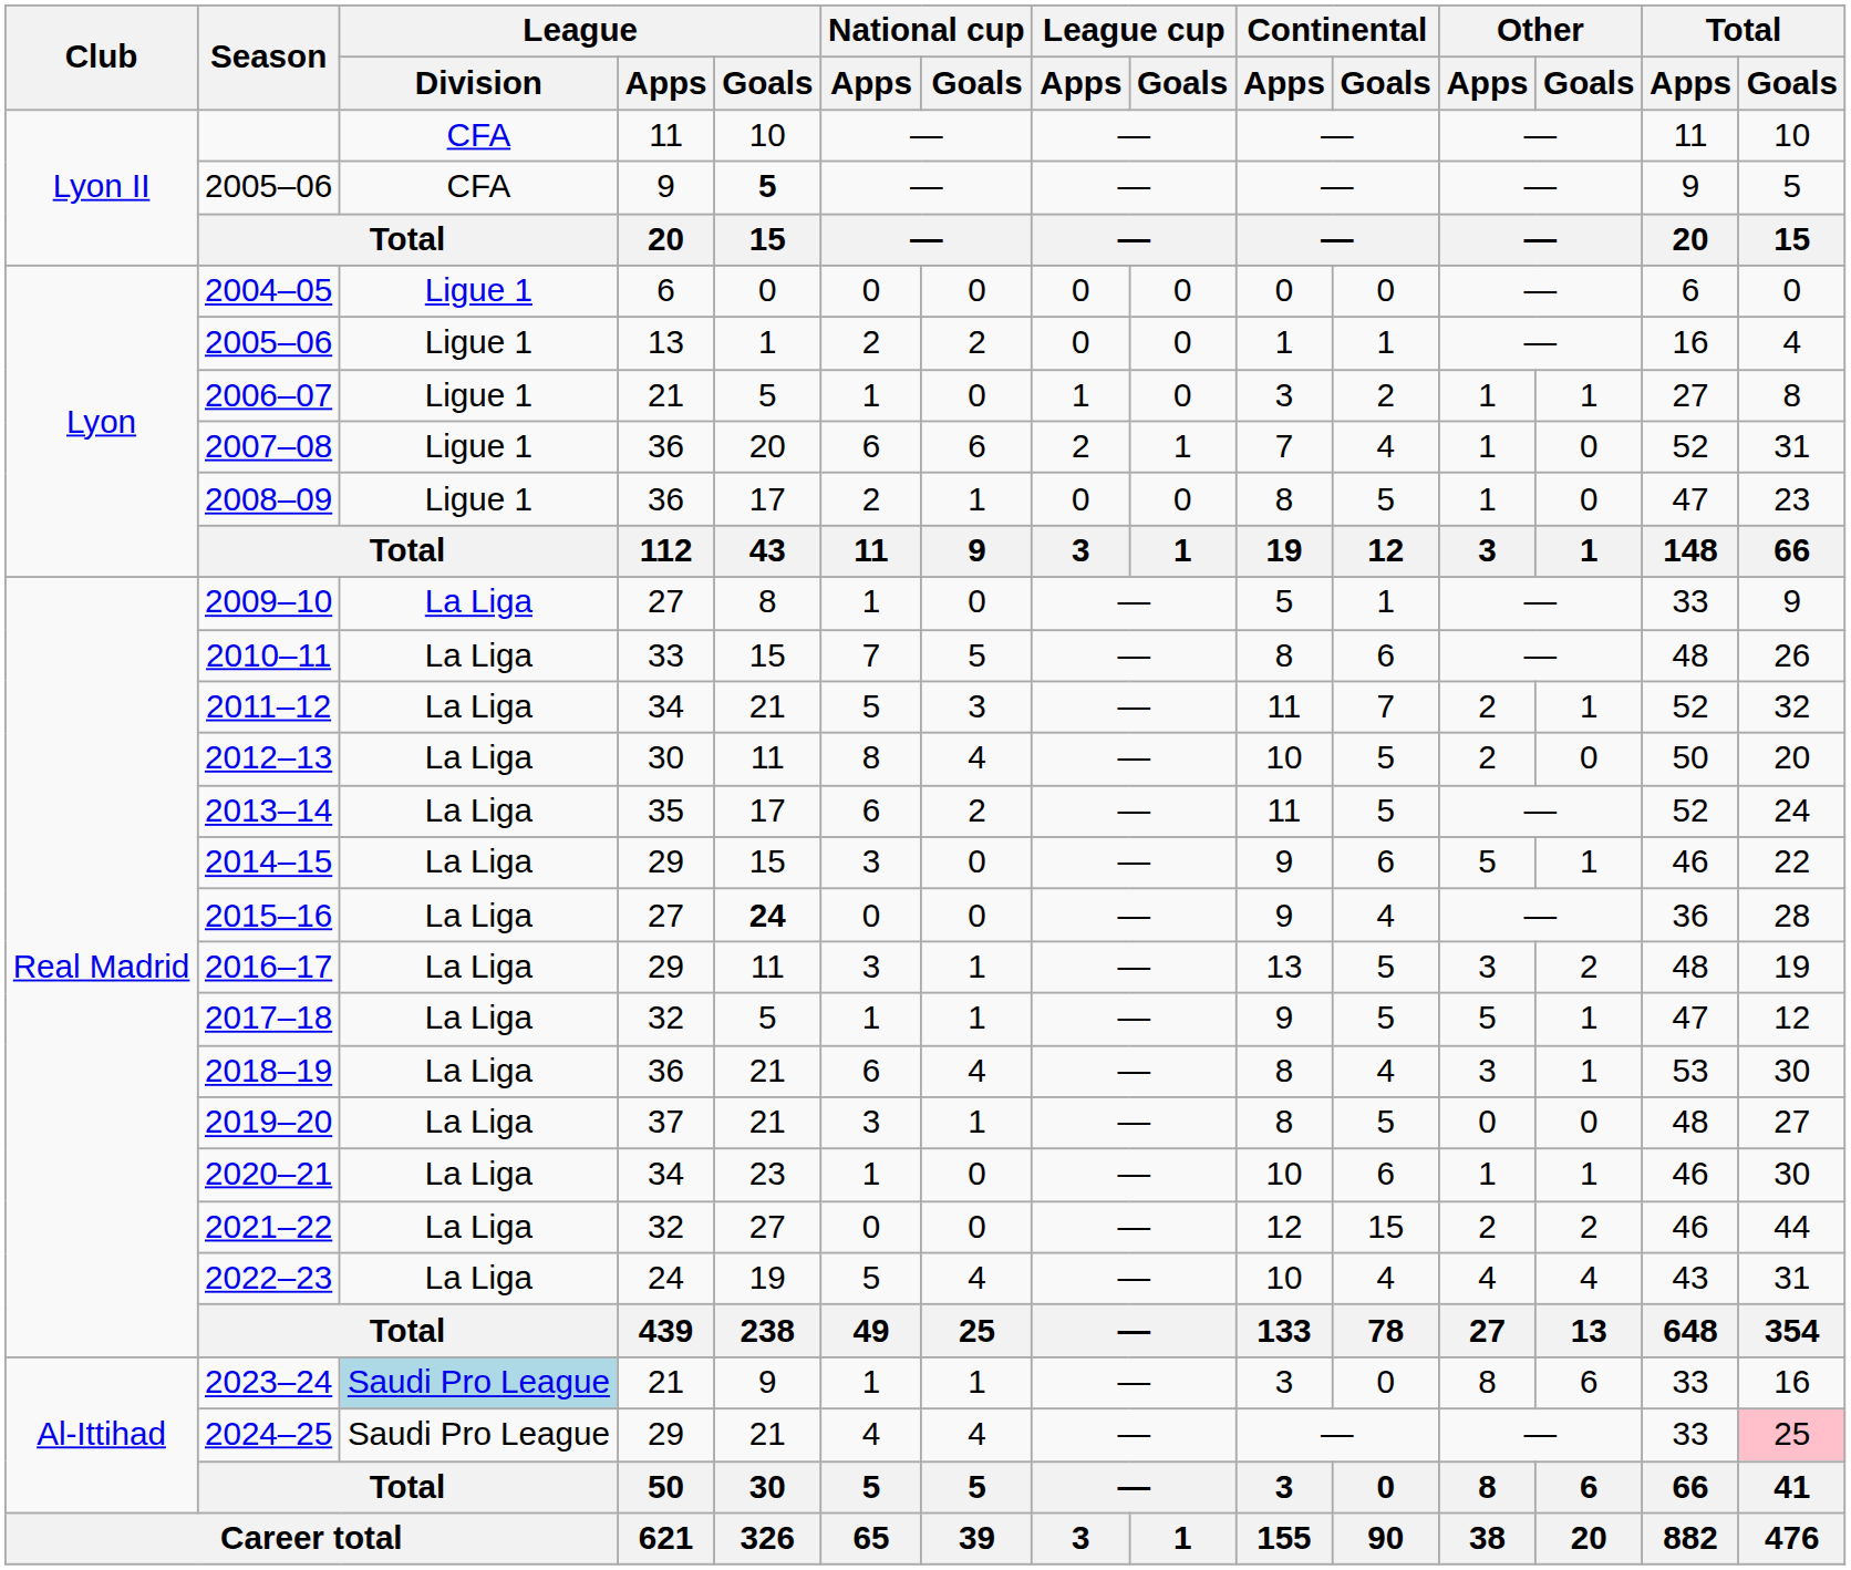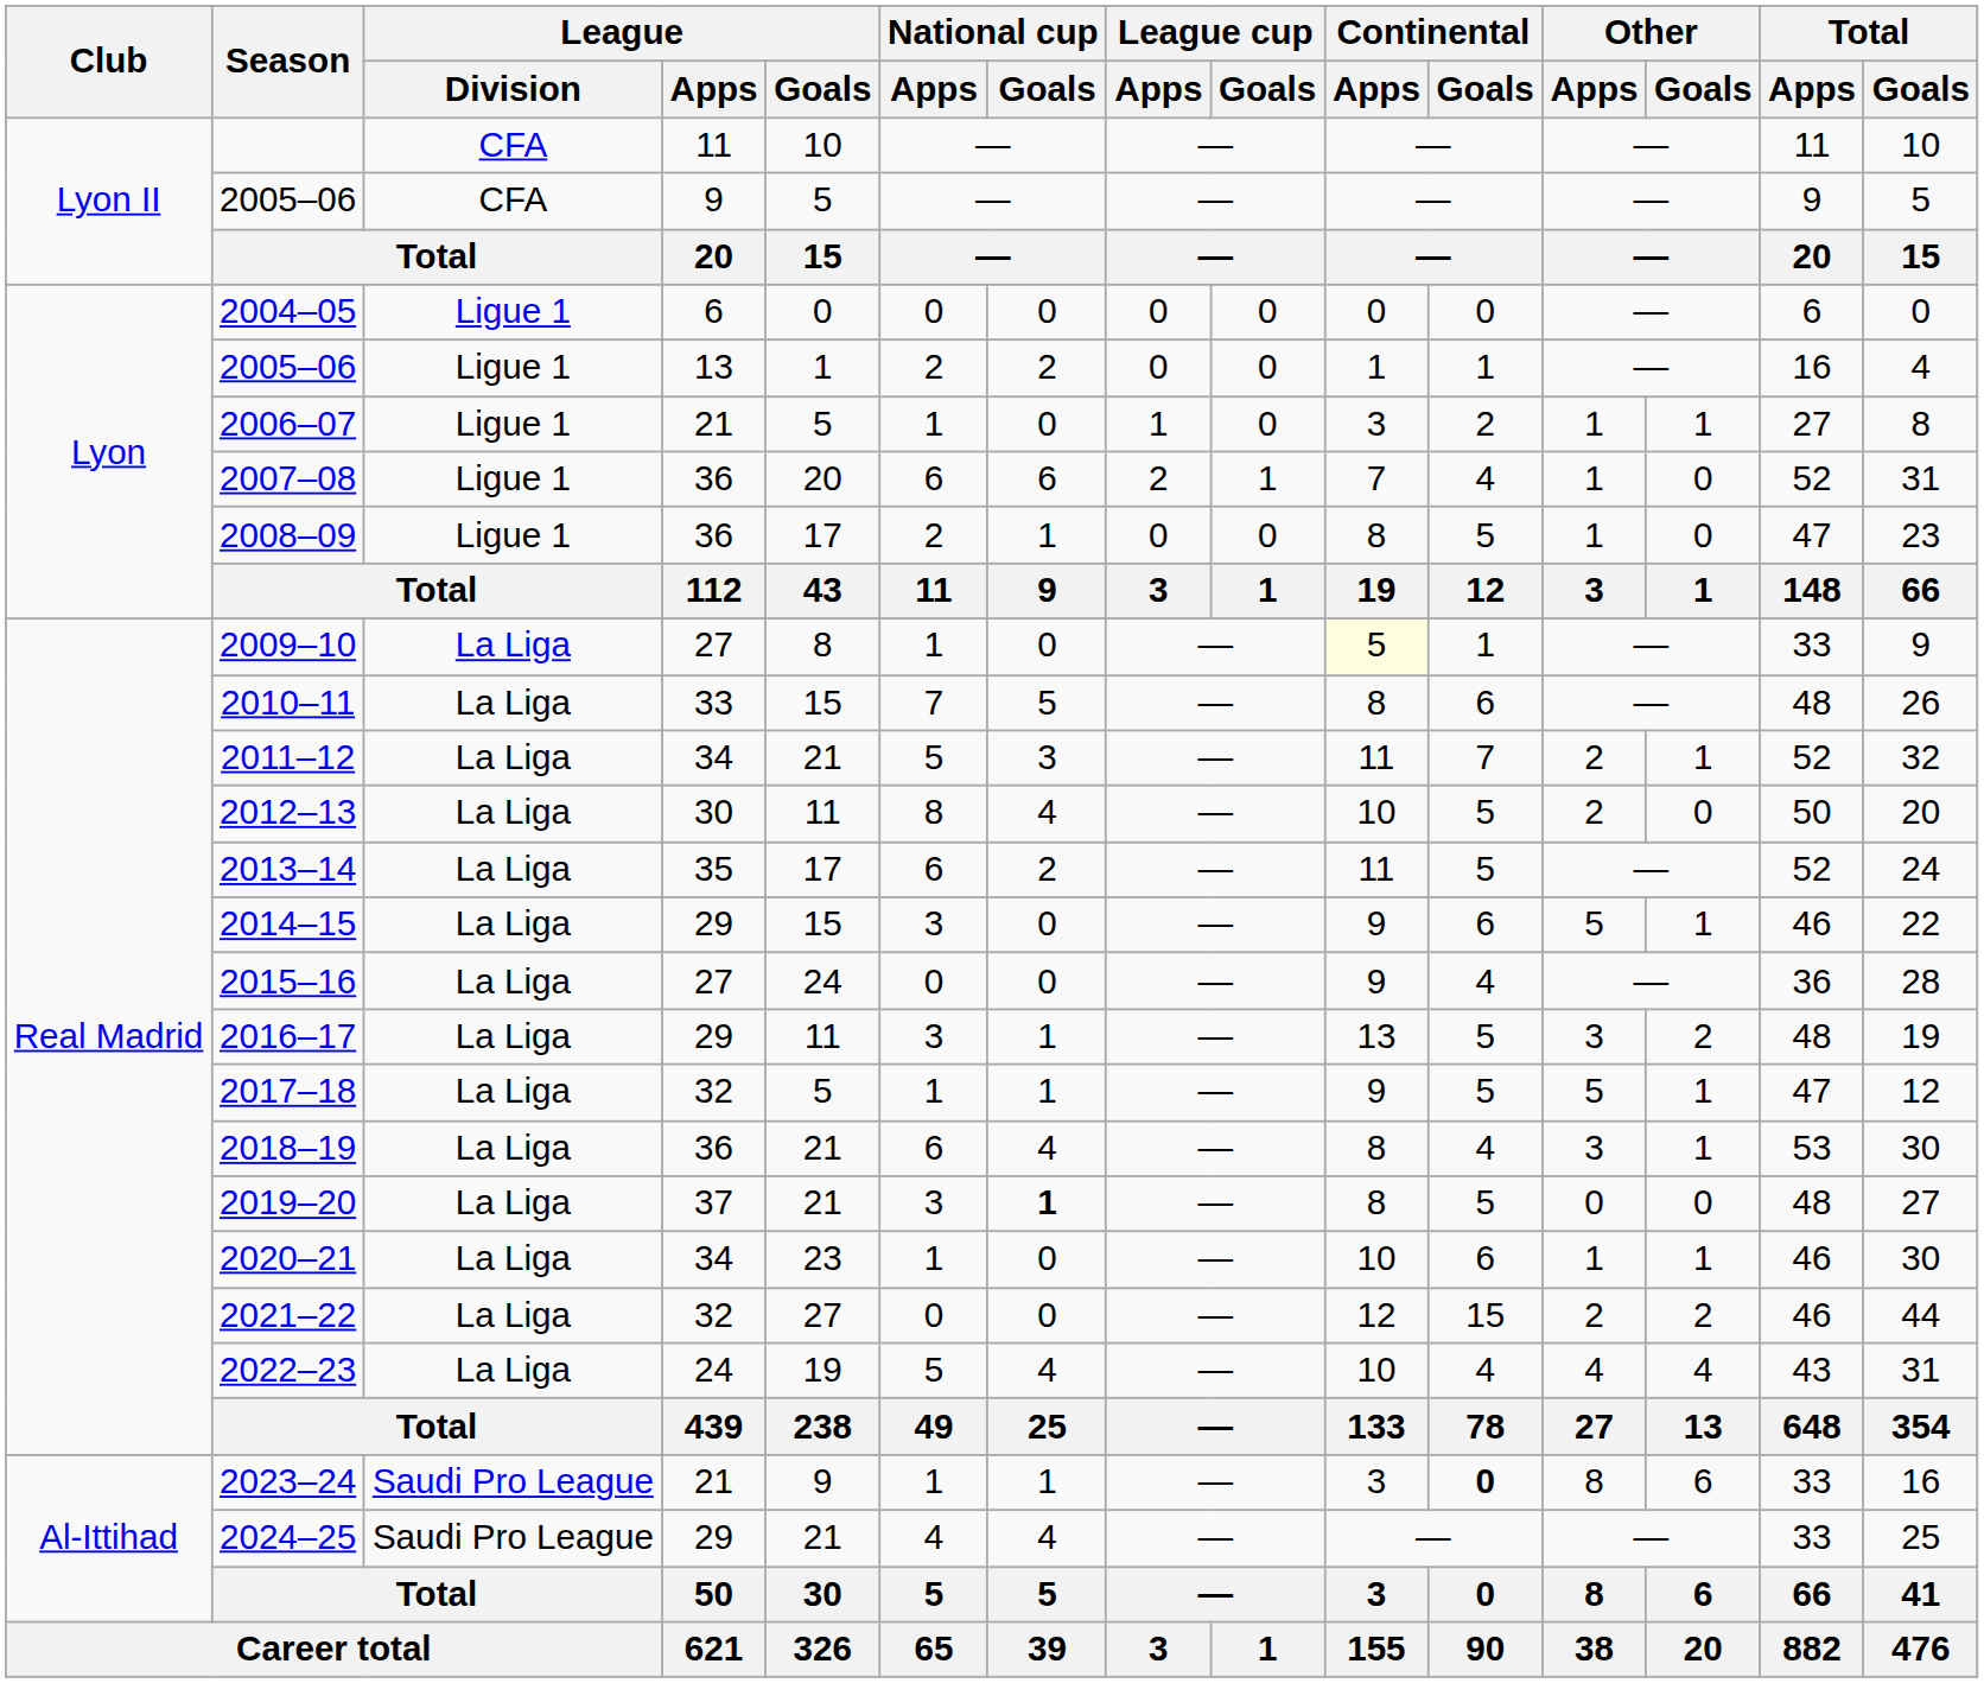 <table class="wikitable" style="text-align: center;">
 <tr>
 <th rowspan="2">Club</th>
 <th rowspan="2">Season</th>
 <th colspan="3">League</th>
 <th colspan="2">National cup</th>
 <th colspan="2">League cup</th>
 <th colspan="2">Continental</th>
 <th colspan="2">Other</th>
 <th colspan="2">Total</th>
 </tr>
 <tr>
 <th>Division</th>
 <th>Apps</th>
 <th>Goals</th>
 <th>Apps</th>
 <th>Goals</th>
 <th>Apps</th>
 <th>Goals</th>
 <th>Apps</th>
 <th>Goals</th>
 <th>Apps</th>
 <th>Goals</th>
 <th>Apps</th>
 <th>Goals</th>
 </tr>
 <tr>
 <td rowspan="3"><a href='#'>Lyon II</a></td>
 <td></td>
 <td><a href='#'>CFA</a></td>
 <td>11</td>
 <td>10</td>
 <td colspan="2">—</td>
 <td colspan="2">—</td>
 <td colspan="2">—</td>
 <td colspan="2">—</td>
 <td>11</td>
 <td>10</td>
 </tr>
 <tr>
 <td>2005–06</td>
 <td>CFA</td>
 <td>9</td>
-<td><strong>5</strong></td>
+<td>5</td>
 <td colspan="2">—</td>
 <td colspan="2">—</td>
 <td colspan="2">—</td>
 <td colspan="2">—</td>
 <td>9</td>
 <td>5</td>
 </tr>
 <tr>
 <th colspan="2">Total</th>
 <th>20</th>
 <th>15</th>
 <th colspan="2">—</th>
 <th colspan="2">—</th>
 <th colspan="2">—</th>
 <th colspan="2">—</th>
 <th>20</th>
 <th>15</th>
 </tr>
 <tr>
 <td rowspan="6"><a href='#'>Lyon</a></td>
 <td><a href='#'>2004–05</a></td>
 <td><a href='#'>Ligue 1</a></td>
 <td>6</td>
 <td>0</td>
 <td>0</td>
 <td>0</td>
 <td>0</td>
 <td>0</td>
 <td>0</td>
 <td>0</td>
 <td colspan="2">—</td>
 <td>6</td>
 <td>0</td>
 </tr>
 <tr>
 <td><a href='#'>2005–06</a></td>
 <td>Ligue 1</td>
 <td>13</td>
 <td>1</td>
 <td>2</td>
 <td>2</td>
 <td>0</td>
 <td>0</td>
 <td>1</td>
 <td>1</td>
 <td colspan="2">—</td>
 <td>16</td>
 <td>4</td>
 </tr>
 <tr>
 <td><a href='#'>2006–07</a></td>
 <td>Ligue 1</td>
 <td>21</td>
 <td>5</td>
 <td>1</td>
 <td>0</td>
 <td>1</td>
 <td>0</td>
 <td>3</td>
 <td>2</td>
 <td>1</td>
 <td>1</td>
 <td>27</td>
 <td>8</td>
 </tr>
 <tr>
 <td><a href='#'>2007–08</a></td>
 <td>Ligue 1</td>
 <td>36</td>
 <td>20</td>
 <td>6</td>
 <td>6</td>
 <td>2</td>
 <td>1</td>
 <td>7</td>
 <td>4</td>
 <td>1</td>
 <td>0</td>
 <td>52</td>
 <td>31</td>
 </tr>
 <tr>
 <td><a href='#'>2008–09</a></td>
 <td>Ligue 1</td>
 <td>36</td>
 <td>17</td>
 <td>2</td>
 <td>1</td>
 <td>0</td>
 <td>0</td>
 <td>8</td>
 <td>5</td>
 <td>1</td>
 <td>0</td>
 <td>47</td>
 <td>23</td>
 </tr>
 <tr>
 <th colspan="2">Total</th>
 <th>112</th>
 <th>43</th>
 <th>11</th>
 <th>9</th>
 <th>3</th>
 <th>1</th>
 <th>19</th>
 <th>12</th>
 <th>3</th>
 <th>1</th>
 <th>148</th>
 <th>66</th>
 </tr>
 <tr>
 <td rowspan="15"><a href='#'>Real Madrid</a></td>
 <td><a href='#'>2009–10</a></td>
 <td><a href='#'>La Liga</a></td>
 <td>27</td>
 <td>8</td>
 <td>1</td>
 <td>0</td>
 <td colspan="2">—</td>
-<td>5</td>
+<td style="background: lightyellow;">5</td>
 <td>1</td>
 <td colspan="2">—</td>
 <td>33</td>
 <td>9</td>
 </tr>
 <tr>
 <td><a href='#'>2010–11</a></td>
 <td>La Liga</td>
 <td>33</td>
 <td>15</td>
 <td>7</td>
 <td>5</td>
 <td colspan="2">—</td>
 <td>8</td>
 <td>6</td>
 <td colspan="2">—</td>
 <td>48</td>
 <td>26</td>
 </tr>
 <tr>
 <td><a href='#'>2011–12</a></td>
 <td>La Liga</td>
 <td>34</td>
 <td>21</td>
 <td>5</td>
 <td>3</td>
 <td colspan="2">—</td>
 <td>11</td>
 <td>7</td>
 <td>2</td>
 <td>1</td>
 <td>52</td>
 <td>32</td>
 </tr>
 <tr>
 <td><a href='#'>2012–13</a></td>
 <td>La Liga</td>
 <td>30</td>
 <td>11</td>
 <td>8</td>
 <td>4</td>
 <td colspan="2">—</td>
 <td>10</td>
 <td>5</td>
 <td>2</td>
 <td>0</td>
 <td>50</td>
 <td>20</td>
 </tr>
 <tr>
 <td><a href='#'>2013–14</a></td>
 <td>La Liga</td>
 <td>35</td>
 <td>17</td>
 <td>6</td>
 <td>2</td>
 <td colspan="2">—</td>
 <td>11</td>
 <td>5</td>
 <td colspan="2">—</td>
 <td>52</td>
 <td>24</td>
 </tr>
 <tr>
 <td><a href='#'>2014–15</a></td>
 <td>La Liga</td>
 <td>29</td>
 <td>15</td>
 <td>3</td>
 <td>0</td>
 <td colspan="2">—</td>
 <td>9</td>
 <td>6</td>
 <td>5</td>
 <td>1</td>
 <td>46</td>
 <td>22</td>
 </tr>
 <tr>
 <td><a href='#'>2015–16</a></td>
 <td>La Liga</td>
 <td>27</td>
-<td><strong>24</strong></td>
+<td>24</td>
 <td>0</td>
 <td>0</td>
 <td colspan="2">—</td>
 <td>9</td>
 <td>4</td>
 <td colspan="2">—</td>
 <td>36</td>
 <td>28</td>
 </tr>
 <tr>
 <td><a href='#'>2016–17</a></td>
 <td>La Liga</td>
 <td>29</td>
 <td>11</td>
 <td>3</td>
 <td>1</td>
 <td colspan="2">—</td>
 <td>13</td>
 <td>5</td>
 <td>3</td>
 <td>2</td>
 <td>48</td>
 <td>19</td>
 </tr>
 <tr>
 <td><a href='#'>2017–18</a></td>
 <td>La Liga</td>
 <td>32</td>
 <td>5</td>
 <td>1</td>
 <td>1</td>
 <td colspan="2">—</td>
 <td>9</td>
 <td>5</td>
 <td>5</td>
 <td>1</td>
 <td>47</td>
 <td>12</td>
 </tr>
 <tr>
 <td><a href='#'>2018–19</a></td>
 <td>La Liga</td>
 <td>36</td>
 <td>21</td>
 <td>6</td>
 <td>4</td>
 <td colspan="2">—</td>
 <td>8</td>
 <td>4</td>
 <td>3</td>
 <td>1</td>
 <td>53</td>
 <td>30</td>
 </tr>
 <tr>
 <td><a href='#'>2019–20</a></td>
 <td>La Liga</td>
 <td>37</td>
 <td>21</td>
 <td>3</td>
-<td>1</td>
+<td><strong>1</strong></td>
 <td colspan="2">—</td>
 <td>8</td>
 <td>5</td>
 <td>0</td>
 <td>0</td>
 <td>48</td>
 <td>27</td>
 </tr>
 <tr>
 <td><a href='#'>2020–21</a></td>
 <td>La Liga</td>
 <td>34</td>
 <td>23</td>
 <td>1</td>
 <td>0</td>
 <td colspan="2">—</td>
 <td>10</td>
 <td>6</td>
 <td>1</td>
 <td>1</td>
 <td>46</td>
 <td>30</td>
 </tr>
 <tr>
 <td><a href='#'>2021–22</a></td>
 <td>La Liga</td>
 <td>32</td>
 <td>27</td>
 <td>0</td>
 <td>0</td>
 <td colspan="2">—</td>
 <td>12</td>
 <td>15</td>
 <td>2</td>
 <td>2</td>
 <td>46</td>
 <td>44</td>
 </tr>
 <tr>
 <td><a href='#'>2022–23</a></td>
 <td>La Liga</td>
 <td>24</td>
 <td>19</td>
 <td>5</td>
 <td>4</td>
 <td colspan="2">—</td>
 <td>10</td>
 <td>4</td>
 <td>4</td>
 <td>4</td>
 <td>43</td>
 <td>31</td>
 </tr>
 <tr>
 <th colspan="2">Total</th>
 <th>439</th>
 <th>238</th>
 <th>49</th>
 <th>25</th>
 <th colspan="2">—</th>
 <th>133</th>
 <th>78</th>
 <th>27</th>
 <th>13</th>
 <th>648</th>
 <th>354</th>
 </tr>
 <tr>
 <td rowspan="3"><a href='#'>Al-Ittihad</a></td>
 <td><a href='#'>2023–24</a></td>
-<td style="background: lightblue;"><a href='#'>Saudi Pro League</a></td>
+<td><a href='#'>Saudi Pro League</a></td>
 <td>21</td>
 <td>9</td>
 <td>1</td>
 <td>1</td>
 <td colspan="2">—</td>
 <td>3</td>
-<td>0</td>
+<td><strong>0</strong></td>
 <td>8</td>
 <td>6</td>
 <td>33</td>
 <td>16</td>
 </tr>
 <tr>
 <td><a href='#'>2024–25</a></td>
 <td>Saudi Pro League</td>
 <td>29</td>
 <td>21</td>
 <td>4</td>
 <td>4</td>
 <td colspan="2">—</td>
 <td colspan="2">—</td>
 <td colspan="2">—</td>
 <td>33</td>
-<td style="background: pink;">25</td>
+<td>25</td>
 </tr>
 <tr>
 <th colspan="2">Total</th>
 <th>50</th>
 <th>30</th>
 <th>5</th>
 <th>5</th>
 <th colspan="2">—</th>
 <th>3</th>
 <th>0</th>
 <th>8</th>
 <th>6</th>
 <th>66</th>
 <th>41</th>
 </tr>
 <tr>
 <th colspan="3">Career total</th>
 <th>621</th>
 <th>326</th>
 <th>65</th>
 <th>39</th>
 <th>3</th>
 <th>1</th>
 <th>155</th>
 <th>90</th>
 <th>38</th>
 <th>20</th>
 <th>882</th>
 <th>476</th>
 </tr>
 </table>
